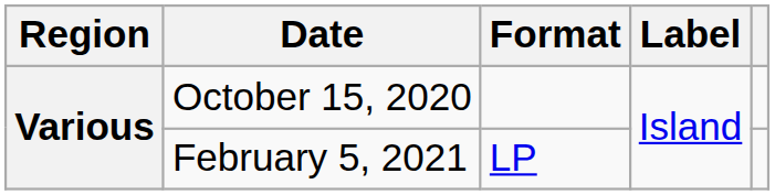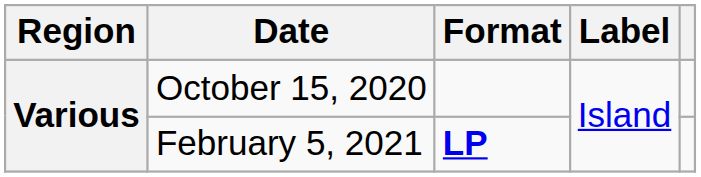 <table class="wikitable plainrowheaders">
 <tr>
 <th scope="col">Region</th>
 <th scope="col">Date</th>
 <th scope="col">Format</th>
 <th scope="col">Label</th>
 <th scope="col"></th>
 </tr>
 <tr>
 <th scope="row" rowspan="2">Various</th>
 <td>October 15, 2020</td>
 <td></td>
 <td rowspan="2"><a href='#'>Island</a></td>
 <td></td>
 </tr>
 <tr>
 <td>February 5, 2021</td>
-<td><a href='#'>LP</a></td>
+<td><strong><a href='#'>LP</a></strong></td>
 <td></td>
 </tr>
 </table>
